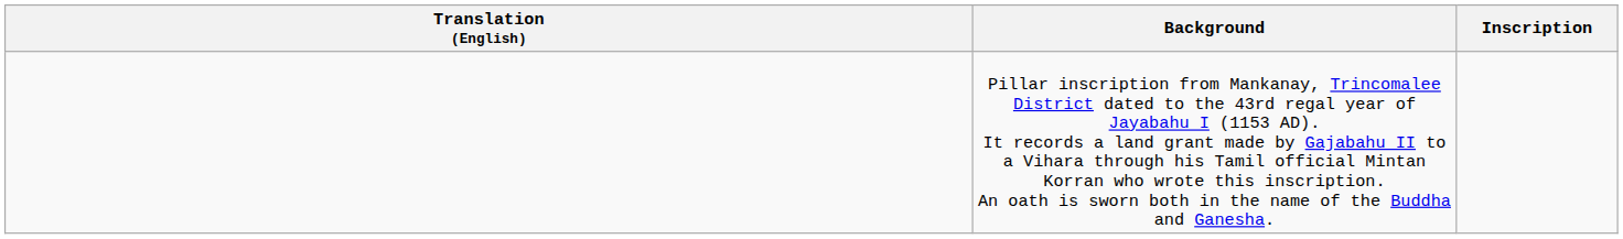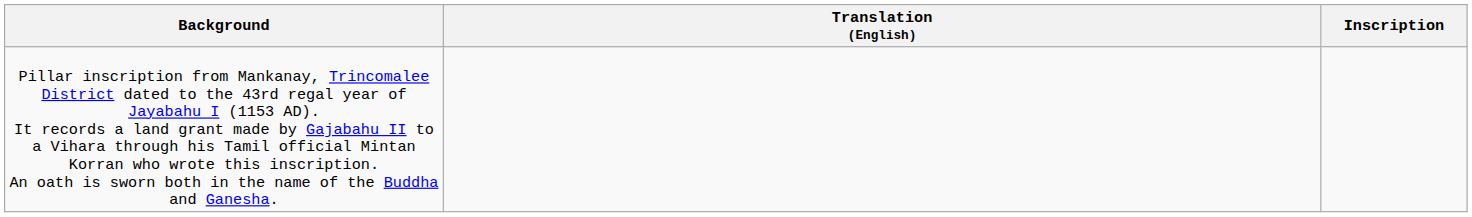 <table class="wikitable centre">
 <tr>
+<th scope="col" align=left>Background<br></th>
 <th>Translation<br><small>(English)</small></th>
-<th scope="col" align=left>Background<br></th>
 <th>Inscription<br></th>
 </tr>
 <tr>
+<td align=center width="30%"><br>Pillar inscription from Mankanay, <a href='#'>Trincomalee District</a> dated to the 43rd regal year of <a href='#'>Jayabahu I</a> (1153 AD).<br>It records a land grant made by <a href='#'>Gajabahu II</a> to a Vihara through his Tamil official Mintan Korran who wrote this inscription.<br>An oath is sworn both in the name of the <a href='#'>Buddha</a> and <a href='#'>Ganesha</a>.</td>
 <td align=left><br></td>
-<td align=center width="30%"><br>Pillar inscription from Mankanay, <a href='#'>Trincomalee District</a> dated to the 43rd regal year of <a href='#'>Jayabahu I</a> (1153 AD).<br>It records a land grant made by <a href='#'>Gajabahu II</a> to a Vihara through his Tamil official Mintan Korran who wrote this inscription.<br>An oath is sworn both in the name of the <a href='#'>Buddha</a> and <a href='#'>Ganesha</a>.</td>
 <td align=center width="10%"><br></td>
 </tr>
 </table>
